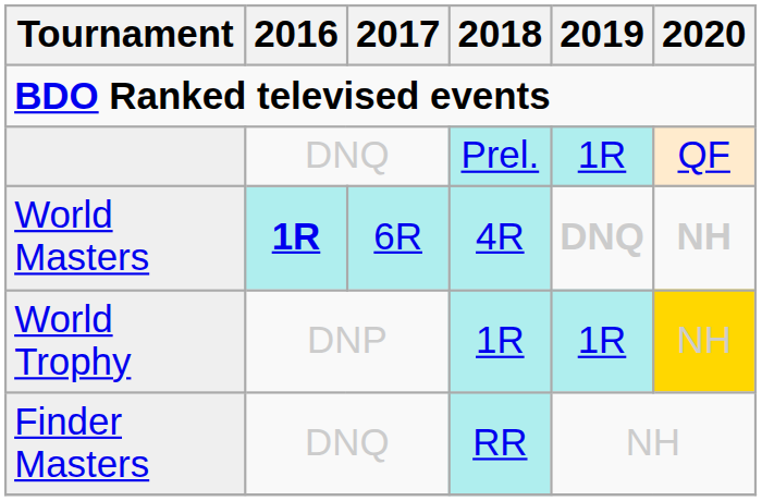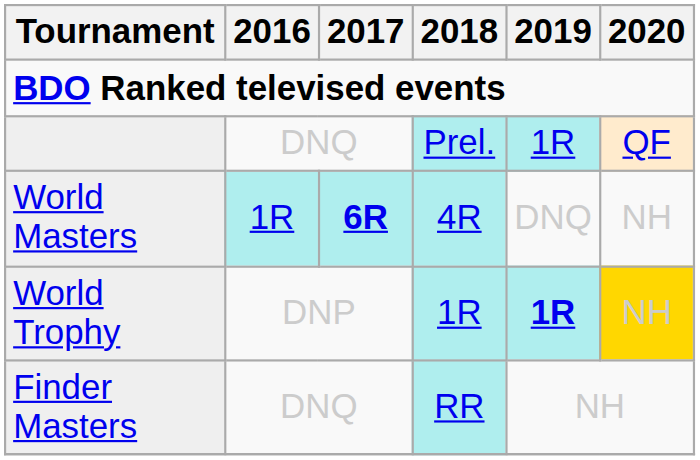 <table class="wikitable" style="width:20%; margin:0">
 <tr>
 <th>Tournament</th>
 <th>2016</th>
 <th>2017</th>
 <th>2018</th>
 <th>2019</th>
 <th>2020</th>
 </tr>
 <tr>
 <td colspan="15" style="text-align:left"><strong><a href='#'>BDO</a> Ranked televised events</strong></td>
 </tr>
 <tr>
 <td style="background:#efefef;"></td>
 <td colspan="2" style="text-align:center; color:#ccc;">DNQ</td>
 <td style="text-align:center; background:#afeeee;"><a href='#'>Prel.</a></td>
 <td style="text-align:center; background:#afeeee;"><a href='#'>1R</a></td>
 <td style="text-align:center; background:#ffebcd;"><a href='#'>QF</a></td>
 </tr>
 <tr>
 <td style="background:#efefef;"><a href='#'>World Masters</a></td>
-<td style="text-align:center; background:#afeeee;"><strong><a href='#'>1R</a></strong></td>
-<td style="text-align:center; background:#afeeee;"><a href='#'>6R</a></td>
+<td style="text-align:center; background:#afeeee;"><a href='#'>1R</a></td>
+<td style="text-align:center; background:#afeeee;"><strong><a href='#'>6R</a></strong></td>
 <td style="text-align:center; background:#afeeee;"><a href='#'>4R</a></td>
-<td style="text-align:center; color:#ccc;"><strong>DNQ</strong></td>
-<td style="text-align:center; color:#ccc;"><strong>NH</strong></td>
+<td style="text-align:center; color:#ccc;">DNQ</td>
+<td style="text-align:center; color:#ccc;">NH</td>
 </tr>
 <tr>
 <td style="background:#efefef;"><a href='#'>World Trophy</a></td>
 <td colspan="2" style="text-align:center; color:#ccc;">DNP</td>
 <td style="text-align:center; background:#afeeee;"><a href='#'>1R</a></td>
-<td style="text-align:center; background:#afeeee;"><a href='#'>1R</a></td>
+<td style="text-align:center; background:#afeeee;"><strong><a href='#'>1R</a></strong></td>
 <td style="background: gold; text-align:center; color:#ccc;">NH</td>
 </tr>
 <tr>
 <td style="background:#efefef;"><a href='#'>Finder Masters</a></td>
 <td colspan="2" style="text-align:center; color:#ccc;">DNQ</td>
 <td style="text-align:center; background:#afeeee;"><a href='#'>RR</a></td>
 <td colspan="2" style="text-align:center; color:#ccc;">NH</td>
 </tr>
 <tr>
 </tr>
 </table>
